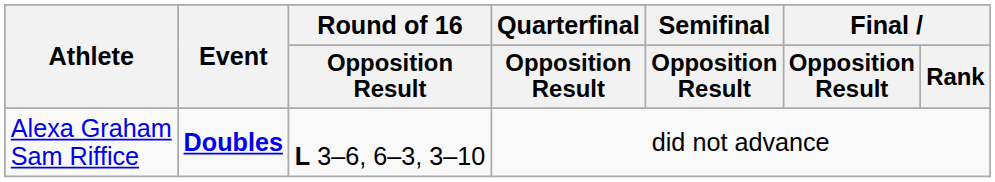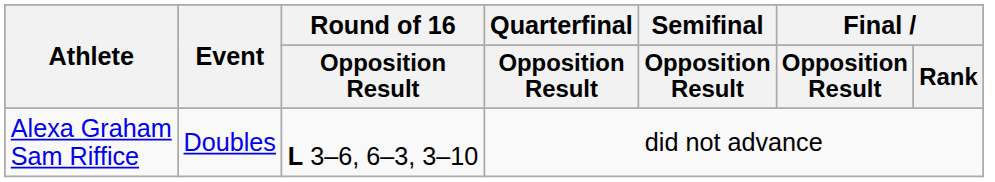 <table class=wikitable style=font-size:90%;text-align:center>
 <tr>
 <th rowspan=2>Athlete</th>
 <th rowspan=2>Event</th>
 <th>Round of 16</th>
 <th>Quarterfinal</th>
 <th>Semifinal</th>
 <th colspan=2>Final / </th>
 </tr>
 <tr style=font-size:95%>
 <th>Opposition<br>Result</th>
 <th>Opposition<br>Result</th>
 <th>Opposition<br>Result</th>
 <th>Opposition<br>Result</th>
 <th>Rank</th>
 </tr>
 <tr>
 <td align=left><a href='#'>Alexa Graham</a><br><a href='#'>Sam Riffice</a></td>
-<td align=left><strong><a href='#'>Doubles</a></strong></td>
+<td align=left><a href='#'>Doubles</a></td>
 <td><br><strong>L</strong> 3–6, 6–3, 3–10</td>
 <td colspan=4>did not advance</td>
 </tr>
 </table>
